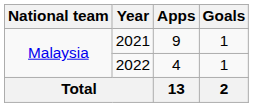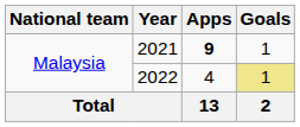 <table class="wikitable" style="text-align:center">
 <tr>
 <th>National team</th>
 <th>Year</th>
 <th>Apps</th>
 <th>Goals</th>
 </tr>
 <tr>
 <td rowspan=2><a href='#'>Malaysia</a></td>
 <td>2021</td>
-<td>9</td>
+<td><strong>9</strong></td>
 <td>1</td>
 </tr>
 <tr>
 <td>2022</td>
 <td>4</td>
-<td>1</td>
+<td style="background: khaki;">1</td>
 </tr>
 <tr>
 <th colspan=2>Total</th>
 <th>13</th>
 <th>2</th>
 </tr>
 </table>
